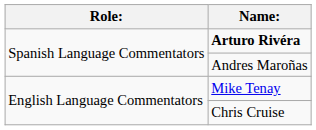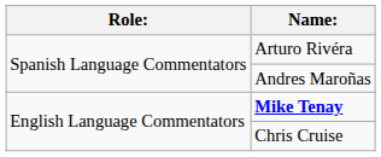 <table class=wikitable style="font-size:90%; margin: 0.5em 0 0.5em 1em; float: right; clear: right;">
 <tr>
 <th>Role:</th>
 <th>Name:</th>
 </tr>
 <tr>
 <td rowspan=2>Spanish Language Commentators</td>
-<td><strong>Arturo Rivéra</strong></td>
+<td>Arturo Rivéra</td>
 </tr>
 <tr>
 <td>Andres Maroñas</td>
 </tr>
 <tr>
 <td rowspan=2>English Language Commentators</td>
-<td><a href='#'>Mike Tenay</a></td>
+<td><strong><a href='#'>Mike Tenay</a></strong></td>
 </tr>
 <tr>
 <td>Chris Cruise</td>
 </tr>
 </table>
